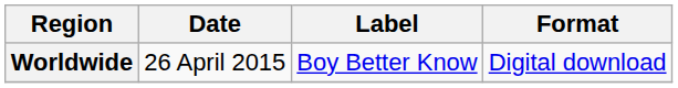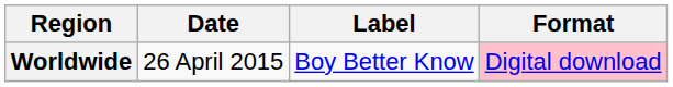 <table class="wikitable plainrowheaders">
 <tr>
 <th scope="col">Region</th>
 <th scope="col">Date</th>
 <th scope="col">Label</th>
 <th scope="col">Format</th>
 </tr>
 <tr>
 <th scope="row">Worldwide</th>
 <td>26 April 2015</td>
 <td><a href='#'>Boy Better Know</a></td>
-<td><a href='#'>Digital download</a></td>
+<td style="background: pink;"><a href='#'>Digital download</a></td>
 </tr>
 <tr>
 </tr>
 </table>
